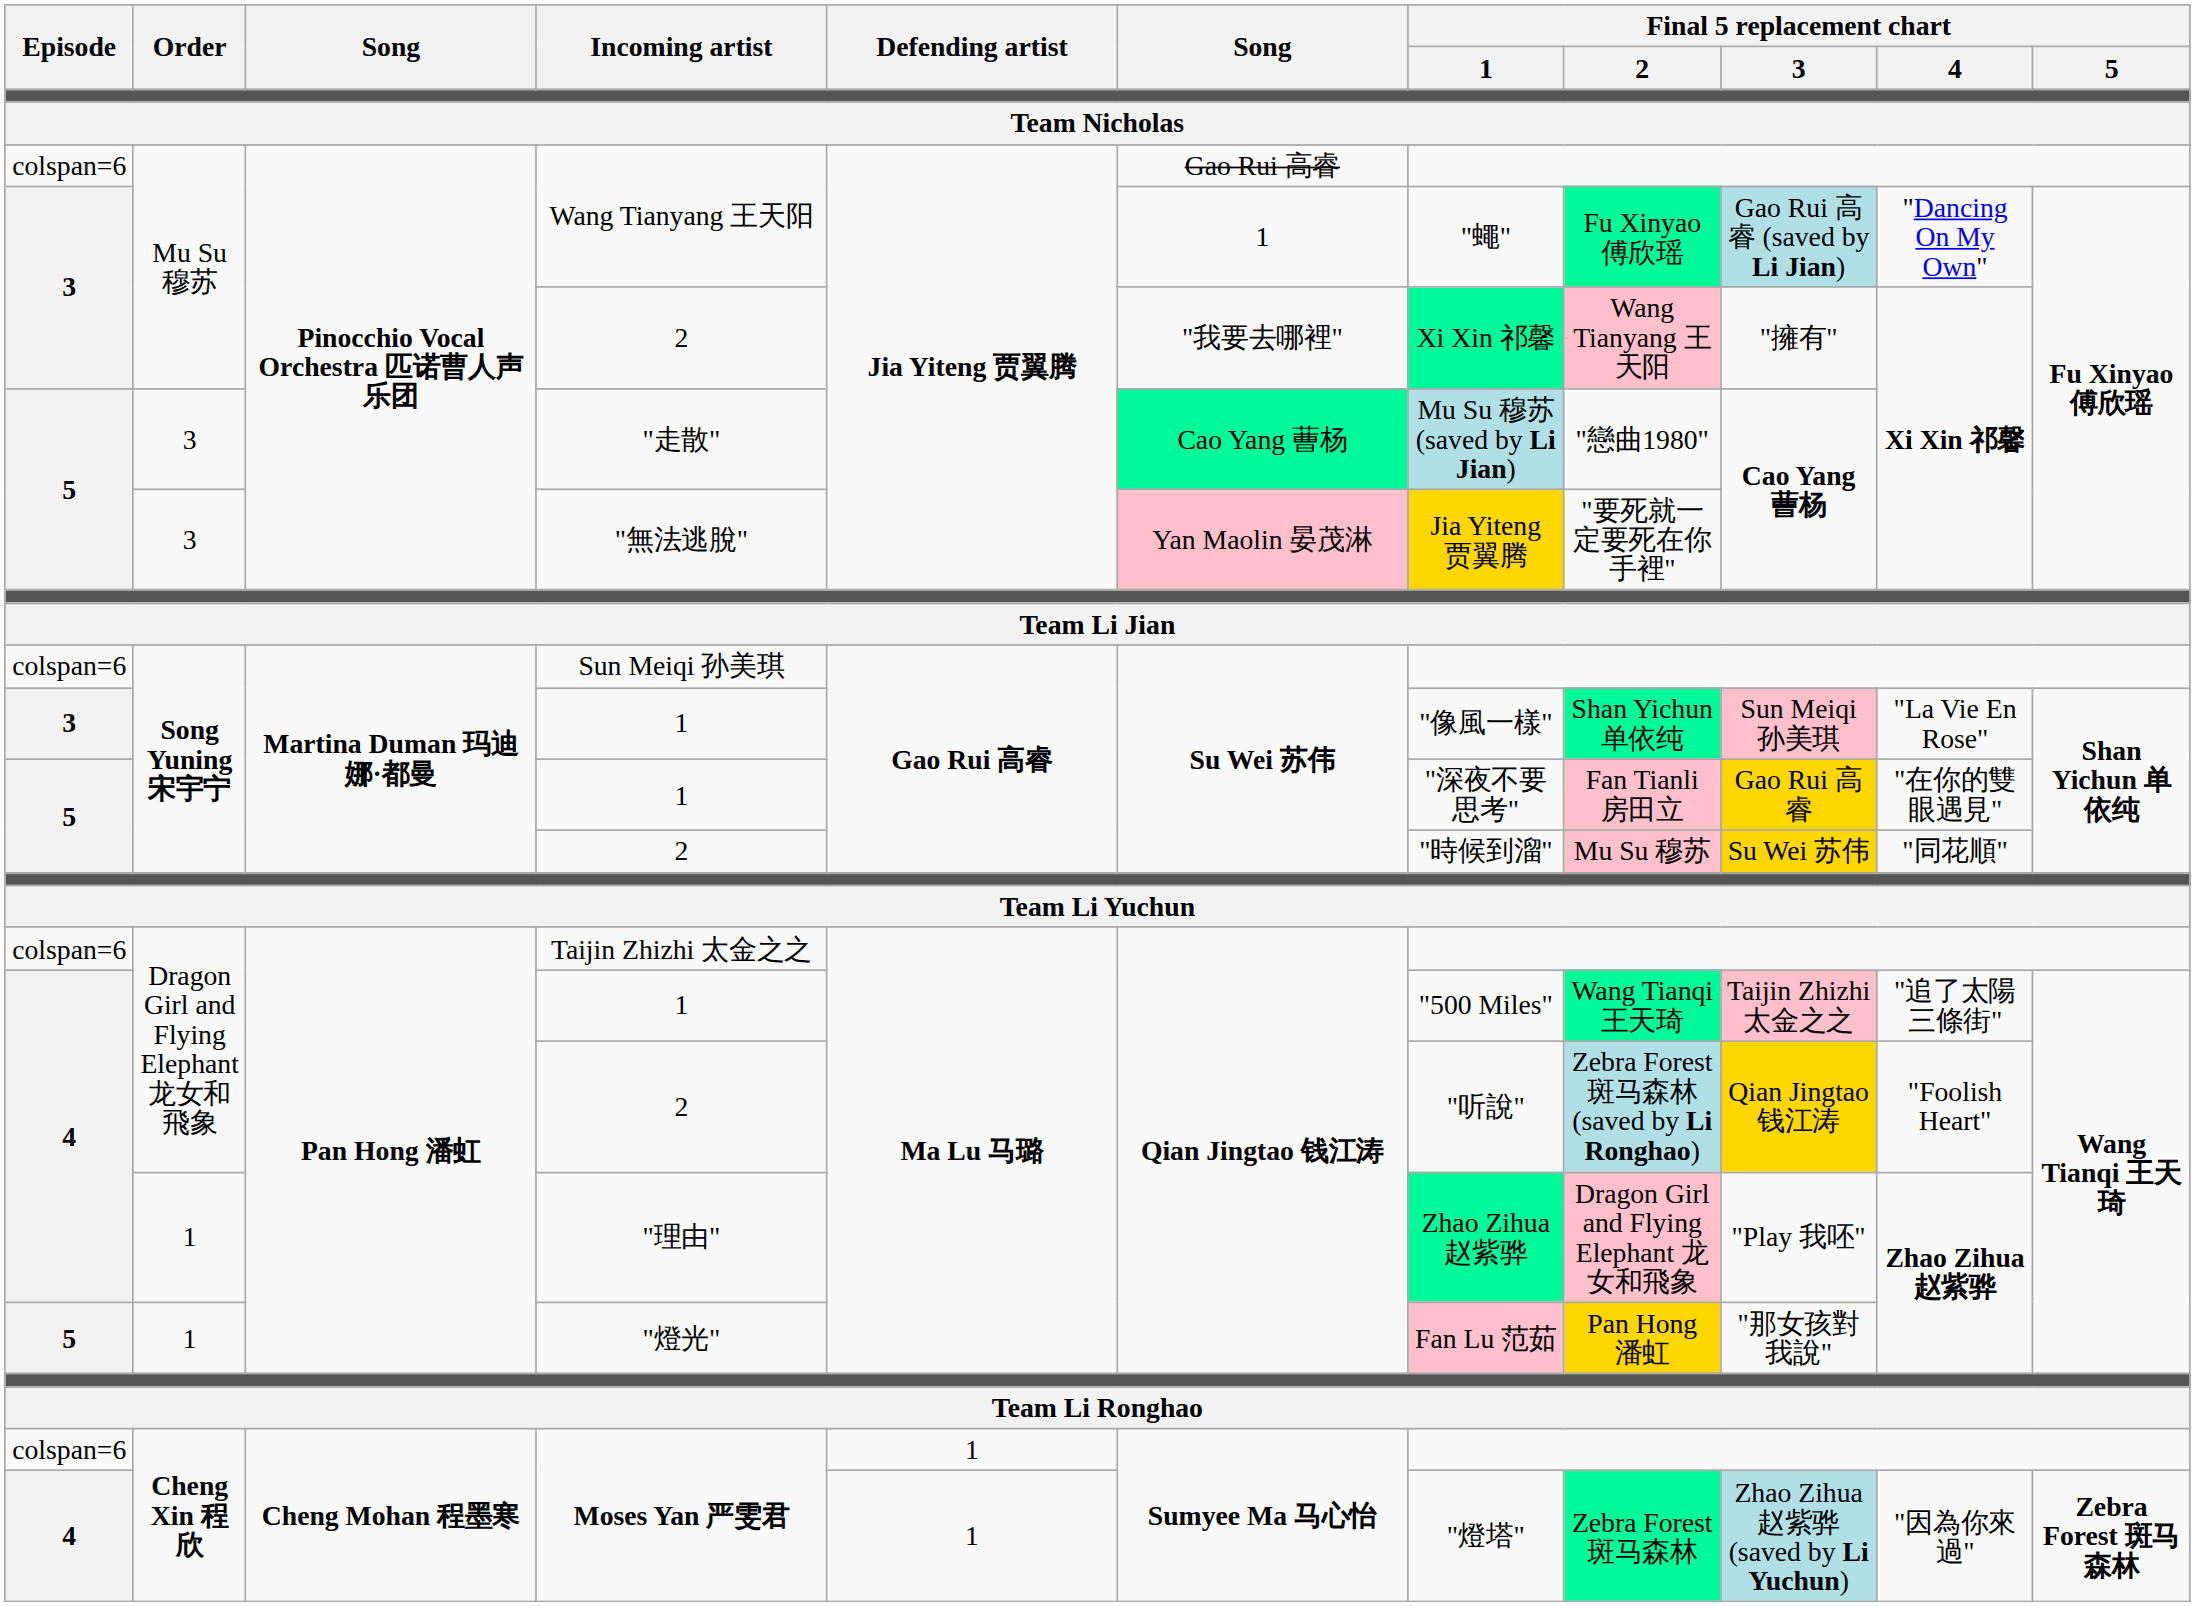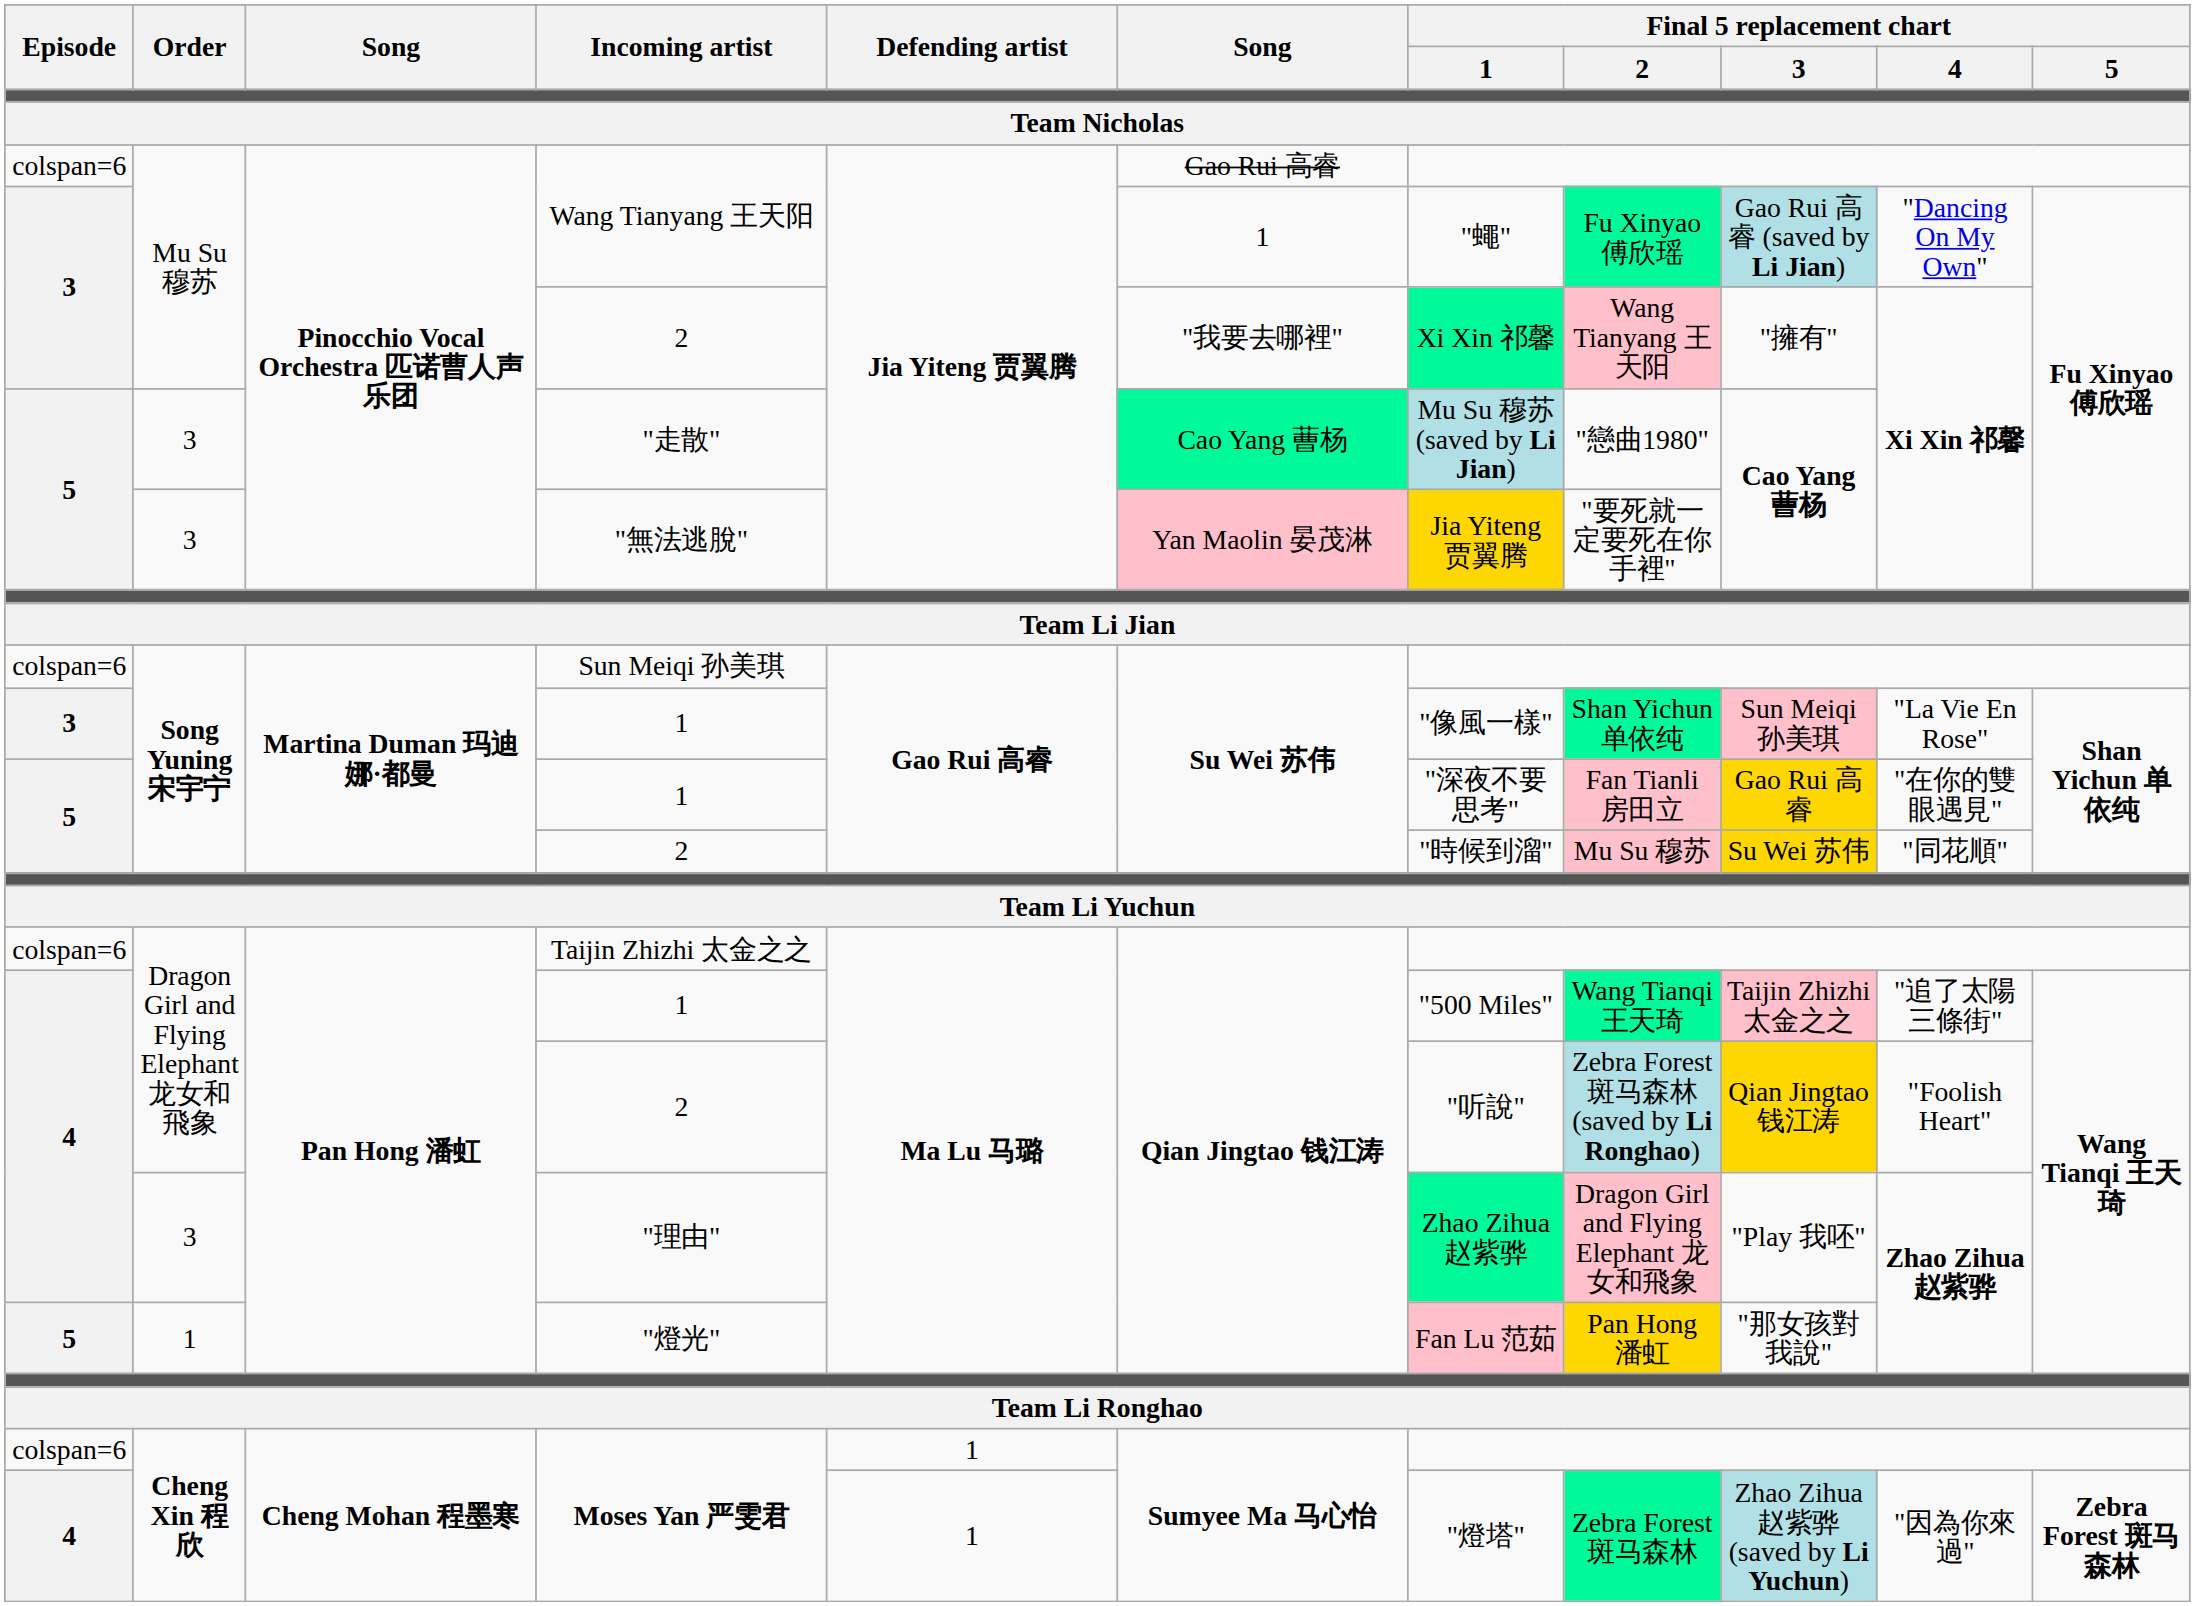 <table class="wikitable" style="text-align: center; line-height:17px; width:100%;">
 <tr>
 <th rowspan=2 style="width:4%;">Episode</th>
 <th rowspan=2 style="width:2%;">Order</th>
 <th rowspan=2 style="width:13%;">Song</th>
 <th rowspan=2 style="width:13%;">Incoming artist</th>
 <th rowspan=2 style="width:13%;">Defending artist</th>
 <th rowspan=2 style="width:13%;">Song</th>
 <th colspan=6>Final 5 replacement chart</th>
 </tr>
 <tr>
 <th style="width:7%;">1</th>
 <th style="width:7%;">2</th>
 <th style="width:7%;">3</th>
 <th style="width:7%;">4</th>
 <th style="width:7%;">5</th>
 </tr>
 <tr>
 <td colspan="12" style="background:#555;"></td>
 </tr>
 <tr>
 <th colspan=12>Team Nicholas</th>
 </tr>
 <tr>
 <td>colspan=6 </td>
 <td rowspan=3>Mu Su 穆苏</td>
 <td rowspan=5><strong>Pinocchio Vocal Orchestra 匹诺曹人声乐团</strong></td>
 <td rowspan=2>Wang Tianyang 王天阳</td>
 <td rowspan=5><strong>Jia Yiteng 贾翼腾</strong></td>
 <td><s>Gao Rui 高睿</s></td>
 </tr>
 <tr>
 <th rowspan=2>3</th>
 <td>1</td>
 <td>"蠅"</td>
 <td style="background:#00fa9a;">Fu Xinyao 傅欣瑶</td>
 <td style="background:#b0e0e6;">Gao Rui 高睿 (saved by <strong>Li Jian</strong>)</td>
 <td>"<a href='#'>Dancing On My Own</a>"</td>
 <td rowspan=4><strong>Fu Xinyao 傅欣瑶</strong></td>
 </tr>
 <tr>
 <td>2</td>
 <td>"我要去哪裡"</td>
 <td style="background:#00fa9a;">Xi Xin 祁馨</td>
 <td style="background:pink;">Wang Tianyang 王天阳</td>
 <td>"擁有"</td>
 <td rowspan=3><strong>Xi Xin 祁馨</strong></td>
 </tr>
 <tr>
 <th rowspan=2>5</th>
 <td>3</td>
 <td>"走散"</td>
 <td style="background:#00fa9a;">Cao Yang 蓸杨</td>
 <td style="background:#b0e0e6;">Mu Su 穆苏 (saved by <strong>Li Jian</strong>)</td>
 <td>"戀曲1980"</td>
 <td rowspan=2><strong>Cao Yang 蓸杨</strong></td>
 </tr>
 <tr>
 <td>3</td>
 <td>"無法逃脫"</td>
 <td style="background:pink;">Yan Maolin 晏茂淋</td>
 <td style="background:gold;">Jia Yiteng 贾翼腾</td>
 <td>"要死就一定要死在你手裡"</td>
 </tr>
 <tr>
 <td colspan="12" style="background:#555;"></td>
 </tr>
 <tr>
 <th colspan=12>Team Li Jian</th>
 </tr>
 <tr>
 <td>colspan=6 </td>
 <td rowspan=4><strong>Song Yuning 宋宇宁</strong></td>
 <td rowspan=4><strong>Martina Duman 玛迪娜·都曼</strong></td>
 <td>Sun Meiqi 孙美琪</td>
 <td rowspan=4><strong>Gao Rui 高睿</strong></td>
 <td rowspan=4><strong>Su Wei 苏伟</strong></td>
 </tr>
 <tr>
 <th>3</th>
 <td>1</td>
 <td>"像風一樣"</td>
 <td style="background:#00fa9a;">Shan Yichun 单依纯</td>
 <td style="background:pink;">Sun Meiqi 孙美琪</td>
 <td>"La Vie En Rose"</td>
 <td rowspan=3><strong>Shan Yichun 单依纯</strong></td>
 </tr>
 <tr>
 <th rowspan=2>5</th>
 <td>1</td>
 <td>"深夜不要思考"</td>
 <td style="background:pink;">Fan Tianli 房田立</td>
 <td style="background:gold;">Gao Rui 高睿</td>
 <td>"在你的雙眼遇見"</td>
 </tr>
 <tr>
 <td>2</td>
 <td>"時候到溜"</td>
 <td style="background:pink;">Mu Su 穆苏</td>
 <td style="background:gold;">Su Wei 苏伟</td>
 <td>"同花順"</td>
 </tr>
 <tr>
 <td colspan="12" style="background:#555;"></td>
 </tr>
 <tr>
 <th colspan=12>Team Li Yuchun</th>
 </tr>
 <tr>
 <td>colspan=6 </td>
 <td rowspan=3>Dragon Girl and Flying Elephant 龙女和飛象</td>
 <td rowspan=5><strong>Pan Hong 潘虹</strong></td>
 <td>Taijin Zhizhi 太金之之</td>
 <td rowspan=5><strong>Ma Lu 马璐</strong></td>
 <td rowspan=5><strong>Qian Jingtao 钱江涛</strong></td>
 </tr>
 <tr>
 <th rowspan=3>4</th>
 <td>1</td>
 <td>"500 Miles"</td>
 <td style="background:#00fa9a;">Wang Tianqi 王天琦</td>
 <td style="background:pink;">Taijin Zhizhi 太金之之</td>
 <td>"追了太陽三條街"</td>
 <td rowspan=4><strong>Wang Tianqi 王天琦</strong></td>
 </tr>
 <tr>
 <td>2</td>
 <td>"听說"</td>
 <td style="background:#b0e0e6;">Zebra Forest 斑马森林 (saved by <strong>Li Ronghao</strong>) </td>
 <td style="background:gold;">Qian Jingtao 钱江涛</td>
 <td>"Foolish Heart"</td>
 </tr>
 <tr>
-<td>1</td>
+<td>3</td>
 <td>"理由"</td>
 <td style="background:#00fa9a;">Zhao Zihua 赵紫骅</td>
 <td style="background:pink;">Dragon Girl and Flying Elephant 龙女和飛象</td>
 <td>"Play 我呸"</td>
 <td rowspan=2><strong>Zhao Zihua 赵紫骅</strong></td>
 </tr>
 <tr>
 <th>5</th>
 <td>1</td>
 <td>"燈光"</td>
 <td style="background:pink;">Fan Lu 范茹</td>
 <td style="background:gold;">Pan Hong 潘虹</td>
 <td>"那女孩對我說"</td>
 </tr>
 <tr>
 <td colspan="12" style="background:#555;"></td>
 </tr>
 <tr>
 <th colspan=12>Team Li Ronghao</th>
 </tr>
 <tr>
 <td>colspan=6 </td>
 <td rowspan=2><strong>Cheng Xin 程欣</strong></td>
 <td rowspan=2><strong>Cheng Mohan 程墨寒</strong></td>
 <td rowspan=2><strong>Moses Yan 严雯君</strong></td>
 <td>1</td>
 <td rowspan=2><strong>Sumyee Ma 马心怡</strong></td>
 </tr>
 <tr>
 <th>4</th>
 <td>1</td>
 <td>"燈塔"</td>
 <td style="background:#00fa9a;">Zebra Forest 斑马森林</td>
 <td style="background:#b0e0e6;">Zhao Zihua 赵紫骅 (saved by <strong>Li Yuchun</strong>)</td>
 <td>"因為你來過"</td>
 <td><strong>Zebra Forest 斑马森林</strong></td>
 </tr>
 <tr>
 </tr>
 </table>
